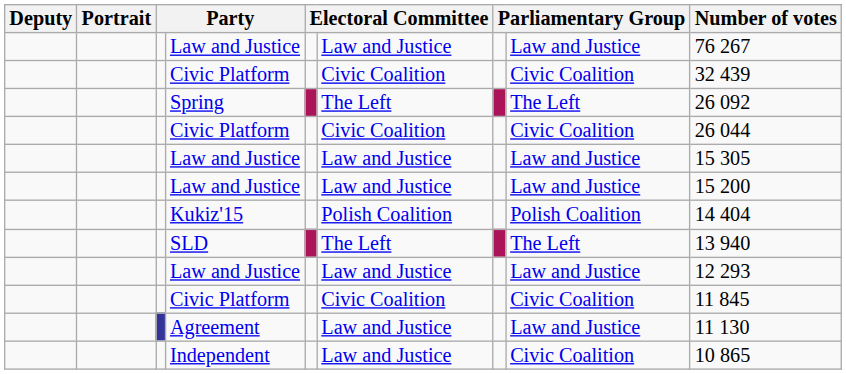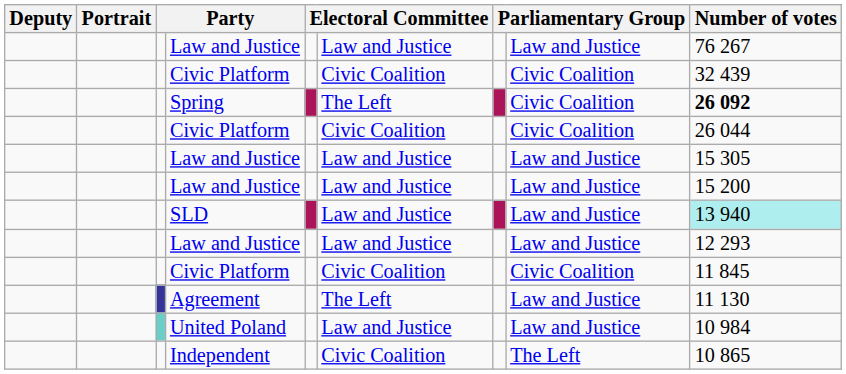 <table class="wikitable sortable" style="font-size:95%;line-height:14px;">
 <tr>
 <th>Deputy</th>
 <th>Portrait</th>
 <th colspan="2">Party</th>
 <th colspan="2">Electoral Committee</th>
 <th colspan="2">Parliamentary Group</th>
 <th>Number of votes</th>
 </tr>
 <tr>
 <td></td>
 <td></td>
 <td style="background:"></td>
 <td><a href='#'>Law and Justice</a></td>
 <td style="background:"></td>
 <td><a href='#'>Law and Justice</a></td>
 <td style="background:"></td>
 <td><a href='#'>Law and Justice</a></td>
 <td>76 267</td>
 </tr>
 <tr>
 <td></td>
 <td></td>
 <td style="background:"></td>
 <td><a href='#'>Civic Platform</a></td>
 <td style="background:"></td>
 <td><a href='#'>Civic Coalition</a></td>
 <td style="background:"></td>
 <td><a href='#'>Civic Coalition</a></td>
 <td>32 439</td>
 </tr>
 <tr>
 <td></td>
 <td></td>
 <td style="background:"></td>
 <td><a href='#'>Spring</a></td>
 <td style="background:#AC145A;"></td>
 <td><a href='#'>The Left</a></td>
 <td style="background:#AC145A;"></td>
-<td><a href='#'>The Left</a></td>
-<td>26 092</td>
+<td><a href='#'>Civic Coalition</a></td>
+<td><strong>26 092</strong></td>
 </tr>
 <tr>
 <td></td>
 <td></td>
 <td style="background:"></td>
 <td><a href='#'>Civic Platform</a></td>
 <td style="background:"></td>
 <td><a href='#'>Civic Coalition</a></td>
 <td style="background:"></td>
 <td><a href='#'>Civic Coalition</a></td>
 <td>26 044</td>
 </tr>
 <tr>
 <td></td>
 <td></td>
 <td style="background:"></td>
 <td><a href='#'>Law and Justice</a></td>
 <td style="background:"></td>
 <td><a href='#'>Law and Justice</a></td>
 <td style="background:"></td>
 <td><a href='#'>Law and Justice</a></td>
 <td>15 305</td>
 </tr>
 <tr>
 <td></td>
 <td></td>
 <td style="background:"></td>
 <td><a href='#'>Law and Justice</a></td>
 <td style="background:"></td>
 <td><a href='#'>Law and Justice</a></td>
 <td style="background:"></td>
 <td><a href='#'>Law and Justice</a></td>
 <td>15 200</td>
 </tr>
 <tr>
 <td></td>
 <td></td>
 <td style="background:"></td>
-<td><a href='#'>Kukiz'15</a></td>
-<td style="background:"></td>
-<td><a href='#'>Polish Coalition</a></td>
-<td style="background:"></td>
-<td><a href='#'>Polish Coalition</a></td>
-<td>14 404</td>
-</tr>
-<tr>
-<td></td>
-<td></td>
-<td style="background:"></td>
 <td><a href='#'>SLD</a></td>
 <td style="background:#AC145A;"></td>
-<td><a href='#'>The Left</a></td>
+<td><a href='#'>Law and Justice</a></td>
 <td style="background:#AC145A;"></td>
-<td><a href='#'>The Left</a></td>
-<td>13 940</td>
+<td><a href='#'>Law and Justice</a></td>
+<td style="background: paleturquoise;">13 940</td>
 </tr>
 <tr>
 <td></td>
 <td></td>
 <td style="background:"></td>
 <td><a href='#'>Law and Justice</a></td>
 <td style="background:"></td>
 <td><a href='#'>Law and Justice</a></td>
 <td style="background:"></td>
 <td><a href='#'>Law and Justice</a></td>
 <td>12 293</td>
 </tr>
 <tr>
 <td></td>
 <td></td>
 <td style="background:"></td>
 <td><a href='#'>Civic Platform</a></td>
 <td style="background:"></td>
 <td><a href='#'>Civic Coalition</a></td>
 <td style="background:"></td>
 <td><a href='#'>Civic Coalition</a></td>
 <td>11 845</td>
 </tr>
 <tr>
 <td></td>
 <td></td>
 <td style="background:#333399;"></td>
 <td><a href='#'>Agreement</a></td>
 <td style="background:"></td>
-<td><a href='#'>Law and Justice</a></td>
+<td><a href='#'>The Left</a></td>
 <td style="background:"></td>
 <td><a href='#'>Law and Justice</a></td>
 <td>11 130</td>
 </tr>
 <tr>
 <td></td>
 <td></td>
+<td style="background:#6acec8;"></td>
+<td><a href='#'>United Poland</a></td>
+<td style="background:"></td>
+<td><a href='#'>Law and Justice</a></td>
+<td style="background:"></td>
+<td><a href='#'>Law and Justice</a></td>
+<td>10 984</td>
+</tr>
+<tr>
+<td></td>
+<td></td>
 <td style="background:"></td>
 <td><a href='#'>Independent</a></td>
 <td style="background:"></td>
-<td><a href='#'>Law and Justice</a></td>
+<td><a href='#'>Civic Coalition</a></td>
 <td style="background:"></td>
-<td><a href='#'>Civic Coalition</a></td>
+<td><a href='#'>The Left</a></td>
 <td>10 865</td>
 </tr>
 </table>
